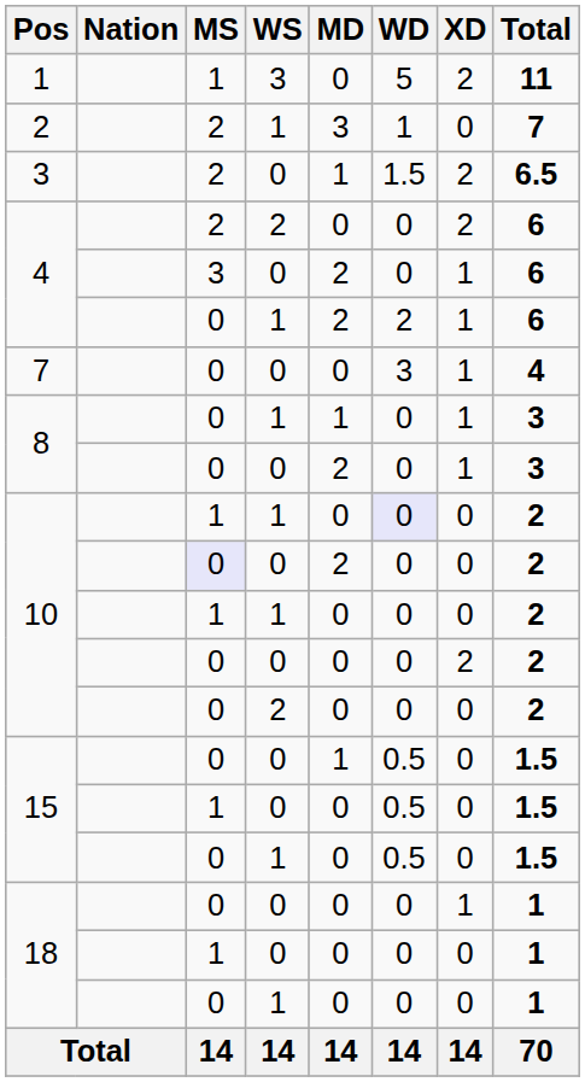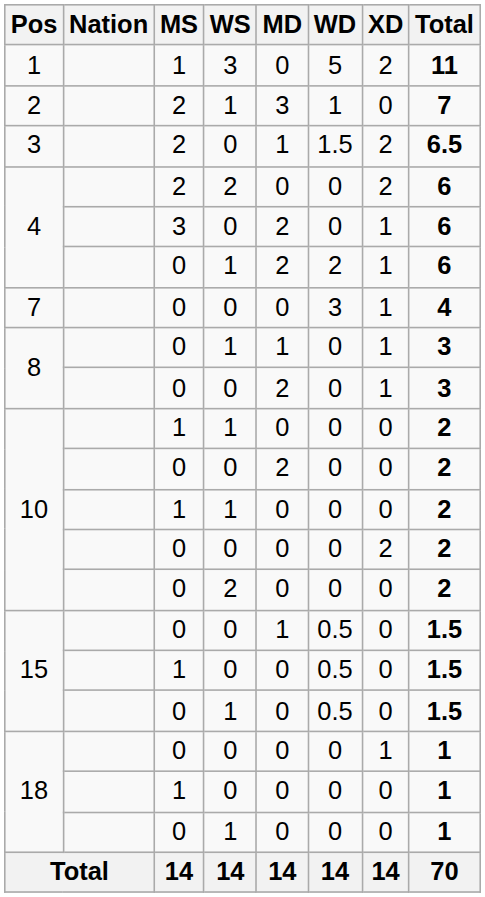 <table class="wikitable" style="text-align:center">
 <tr>
 <th>Pos</th>
 <th>Nation</th>
 <th>MS</th>
 <th>WS</th>
 <th>MD</th>
 <th>WD</th>
 <th>XD</th>
 <th>Total</th>
 </tr>
 <tr>
 <td>1</td>
 <td align=left></td>
 <td>1</td>
 <td>3</td>
 <td>0</td>
 <td>5</td>
 <td>2</td>
 <td><strong>11</strong></td>
 </tr>
 <tr>
 <td>2</td>
 <td align=left></td>
 <td>2</td>
 <td>1</td>
 <td>3</td>
 <td>1</td>
 <td>0</td>
 <td><strong>7</strong></td>
 </tr>
 <tr>
 <td>3</td>
 <td align=left></td>
 <td>2</td>
 <td>0</td>
 <td>1</td>
 <td>1.5</td>
 <td>2</td>
 <td><strong>6.5</strong></td>
 </tr>
 <tr>
 <td rowspan=3>4</td>
 <td align=left></td>
 <td>2</td>
 <td>2</td>
 <td>0</td>
 <td>0</td>
 <td>2</td>
 <td><strong>6</strong></td>
 </tr>
 <tr>
 <td align=left></td>
 <td>3</td>
 <td>0</td>
 <td>2</td>
 <td>0</td>
 <td>1</td>
 <td><strong>6</strong></td>
 </tr>
 <tr>
 <td align=left><strong></strong></td>
 <td>0</td>
 <td>1</td>
 <td>2</td>
 <td>2</td>
 <td>1</td>
 <td><strong>6</strong></td>
 </tr>
 <tr>
 <td>7</td>
 <td align=left></td>
 <td>0</td>
 <td>0</td>
 <td>0</td>
 <td>3</td>
 <td>1</td>
 <td><strong>4</strong></td>
 </tr>
 <tr>
 <td rowspan="2">8</td>
 <td align=left></td>
 <td>0</td>
 <td>1</td>
 <td>1</td>
 <td>0</td>
 <td>1</td>
 <td><strong>3</strong></td>
 </tr>
 <tr>
 <td align=left></td>
 <td>0</td>
 <td>0</td>
 <td>2</td>
 <td>0</td>
 <td>1</td>
 <td><strong>3</strong></td>
 </tr>
 <tr>
 <td rowspan="5">10</td>
 <td align=left></td>
 <td>1</td>
 <td>1</td>
 <td>0</td>
-<td style="background: lavender;">0</td>
+<td>0</td>
 <td>0</td>
 <td><strong>2</strong></td>
 </tr>
 <tr>
 <td align=left></td>
-<td style="background: lavender;">0</td>
+<td>0</td>
 <td>0</td>
 <td>2</td>
 <td>0</td>
 <td>0</td>
 <td><strong>2</strong></td>
 </tr>
 <tr>
 <td align=left></td>
 <td>1</td>
 <td>1</td>
 <td>0</td>
 <td>0</td>
 <td>0</td>
 <td><strong>2</strong></td>
 </tr>
 <tr>
 <td align=left></td>
 <td>0</td>
 <td>0</td>
 <td>0</td>
 <td>0</td>
 <td>2</td>
 <td><strong>2</strong></td>
 </tr>
 <tr>
 <td align=left></td>
 <td>0</td>
 <td>2</td>
 <td>0</td>
 <td>0</td>
 <td>0</td>
 <td><strong>2</strong></td>
 </tr>
 <tr>
 <td rowspan=3>15</td>
 <td align=left></td>
 <td>0</td>
 <td>0</td>
 <td>1</td>
 <td>0.5</td>
 <td>0</td>
 <td><strong>1.5</strong></td>
 </tr>
 <tr>
 <td align=left></td>
 <td>1</td>
 <td>0</td>
 <td>0</td>
 <td>0.5</td>
 <td>0</td>
 <td><strong>1.5</strong></td>
 </tr>
 <tr>
 <td align=left></td>
 <td>0</td>
 <td>1</td>
 <td>0</td>
 <td>0.5</td>
 <td>0</td>
 <td><strong>1.5</strong></td>
 </tr>
 <tr>
 <td rowspan="3">18</td>
 <td align=left></td>
 <td>0</td>
 <td>0</td>
 <td>0</td>
 <td>0</td>
 <td>1</td>
 <td><strong>1</strong></td>
 </tr>
 <tr>
 <td align=left></td>
 <td>1</td>
 <td>0</td>
 <td>0</td>
 <td>0</td>
 <td>0</td>
 <td><strong>1</strong></td>
 </tr>
 <tr>
 <td align=left></td>
 <td>0</td>
 <td>1</td>
 <td>0</td>
 <td>0</td>
 <td>0</td>
 <td><strong>1</strong></td>
 </tr>
 <tr>
 <th colspan="2">Total</th>
 <th>14</th>
 <th>14</th>
 <th>14</th>
 <th>14</th>
 <th>14</th>
 <th>70</th>
 </tr>
 </table>
